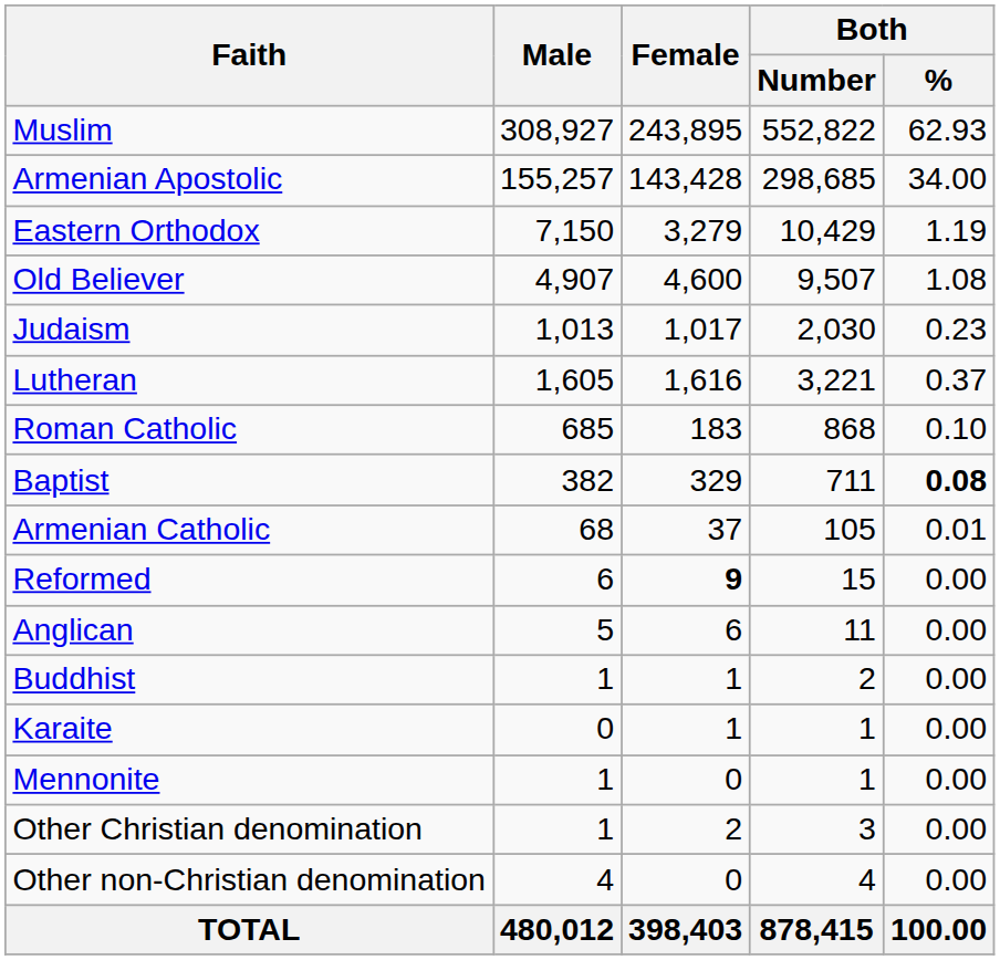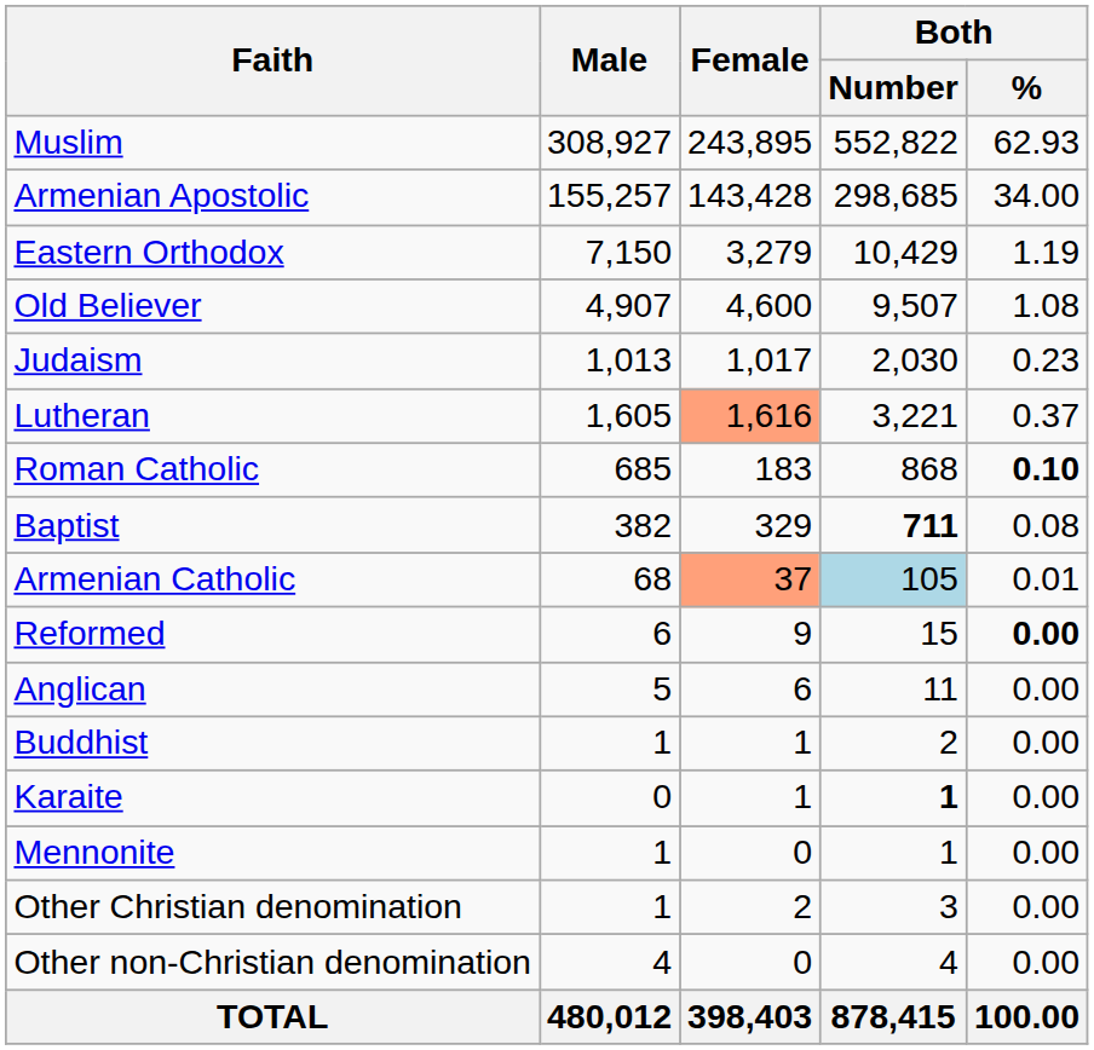 <table class="wikitable sortable">
 <tr>
 <th rowspan="2">Faith</th>
 <th rowspan="2">Male</th>
 <th rowspan="2">Female</th>
 <th colspan="2">Both</th>
 </tr>
 <tr>
 <th>Number</th>
 <th>%</th>
 </tr>
 <tr>
 <td><a href='#'>Muslim</a></td>
 <td align="right">308,927</td>
 <td align="right">243,895</td>
 <td align="right">552,822</td>
 <td align="right">62.93</td>
 </tr>
 <tr>
 <td><a href='#'>Armenian Apostolic</a></td>
 <td align="right">155,257</td>
 <td align="right">143,428</td>
 <td align="right">298,685</td>
 <td align="right">34.00</td>
 </tr>
 <tr>
 <td><a href='#'>Eastern Orthodox</a></td>
 <td align="right">7,150</td>
 <td align="right">3,279</td>
 <td align="right">10,429</td>
 <td align="right">1.19</td>
 </tr>
 <tr>
 <td><a href='#'>Old Believer</a></td>
 <td align="right">4,907</td>
 <td align="right">4,600</td>
 <td align="right">9,507</td>
 <td align="right">1.08</td>
 </tr>
 <tr>
 <td><a href='#'>Judaism</a></td>
 <td align="right">1,013</td>
 <td align="right">1,017</td>
 <td align="right">2,030</td>
 <td align="right">0.23</td>
 </tr>
 <tr>
 <td><a href='#'>Lutheran</a></td>
 <td align="right">1,605</td>
-<td align="right">1,616</td>
+<td align="right" style="background: lightsalmon;">1,616</td>
 <td align="right">3,221</td>
 <td align="right">0.37</td>
 </tr>
 <tr>
 <td><a href='#'>Roman Catholic</a></td>
 <td align="right">685</td>
 <td align="right">183</td>
 <td align="right">868</td>
-<td align="right">0.10</td>
+<td align="right"><strong>0.10</strong></td>
 </tr>
 <tr>
 <td><a href='#'>Baptist</a></td>
 <td align="right">382</td>
 <td align="right">329</td>
-<td align="right">711</td>
-<td align="right"><strong>0.08</strong></td>
+<td align="right"><strong>711</strong></td>
+<td align="right">0.08</td>
 </tr>
 <tr>
 <td><a href='#'>Armenian Catholic</a></td>
 <td align="right">68</td>
-<td align="right">37</td>
-<td align="right">105</td>
+<td align="right" style="background: lightsalmon;">37</td>
+<td align="right" style="background: lightblue;">105</td>
 <td align="right">0.01</td>
 </tr>
 <tr>
 <td><a href='#'>Reformed</a></td>
 <td align="right">6</td>
-<td align="right"><strong>9</strong></td>
+<td align="right">9</td>
 <td align="right">15</td>
-<td align="right">0.00</td>
+<td align="right"><strong>0.00</strong></td>
 </tr>
 <tr>
 <td><a href='#'>Anglican</a></td>
 <td align="right">5</td>
 <td align="right">6</td>
 <td align="right">11</td>
 <td align="right">0.00</td>
 </tr>
 <tr>
 <td><a href='#'>Buddhist</a></td>
 <td align="right">1</td>
 <td align="right">1</td>
 <td align="right">2</td>
 <td align="right">0.00</td>
 </tr>
 <tr>
 <td><a href='#'>Karaite</a></td>
 <td align="right">0</td>
 <td align="right">1</td>
-<td align="right">1</td>
+<td align="right"><strong>1</strong></td>
 <td align="right">0.00</td>
 </tr>
 <tr>
 <td><a href='#'>Mennonite</a></td>
 <td align="right">1</td>
 <td align="right">0</td>
 <td align="right">1</td>
 <td align="right">0.00</td>
 </tr>
 <tr>
 <td>Other Christian denomination</td>
 <td align="right">1</td>
 <td align="right">2</td>
 <td align="right">3</td>
 <td align="right">0.00</td>
 </tr>
 <tr>
 <td>Other non-Christian denomination</td>
 <td align="right">4</td>
 <td align="right">0</td>
 <td align="right">4</td>
 <td align="right">0.00</td>
 </tr>
 <tr>
 <th>TOTAL</th>
 <th>480,012</th>
 <th>398,403</th>
 <th>878,415</th>
 <th>100.00</th>
 </tr>
 </table>
